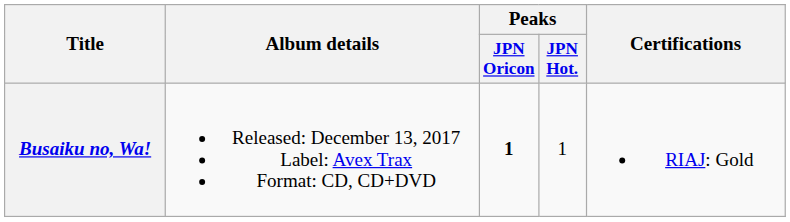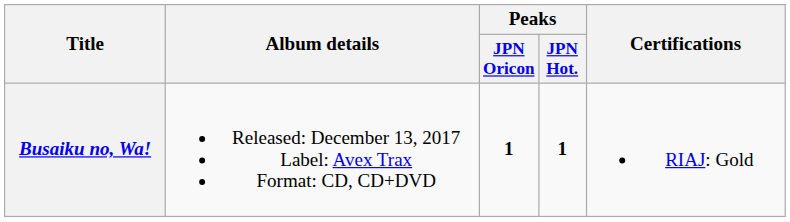 <table class="wikitable plainrowheaders" style="text-align:center;">
 <tr>
 <th scope="col" rowspan="2" style="width:8em;">Title</th>
 <th scope="col" rowspan="2" style="width:16em;">Album details</th>
 <th scope="col" colspan="2">Peaks</th>
 <th scope="col" rowspan="2" style="width:10em;">Certifications</th>
 </tr>
 <tr>
 <th scope="col" style="width:2.3em; font-size:90%;"><a href='#'>JPN</a><br><a href='#'>Oricon</a><br></th>
 <th scope="col" style="width:2.3em; font-size:90%;"><a href='#'>JPN<br>Hot.</a><br></th>
 </tr>
 <tr>
 <th scope="row"><em><a href='#'>Busaiku no, Wa!</a></em></th>
 <td><br><ul><li>Released: December 13, 2017</li><li>Label: <a href='#'>Avex Trax</a></li><li>Format: CD, CD+DVD</li></ul></td>
 <td><strong>1</strong></td>
-<td>1</td>
+<td><strong>1</strong></td>
 <td><br><ul><li><a href='#'>RIAJ</a>: Gold</li></ul></td>
 </tr>
 </table>
